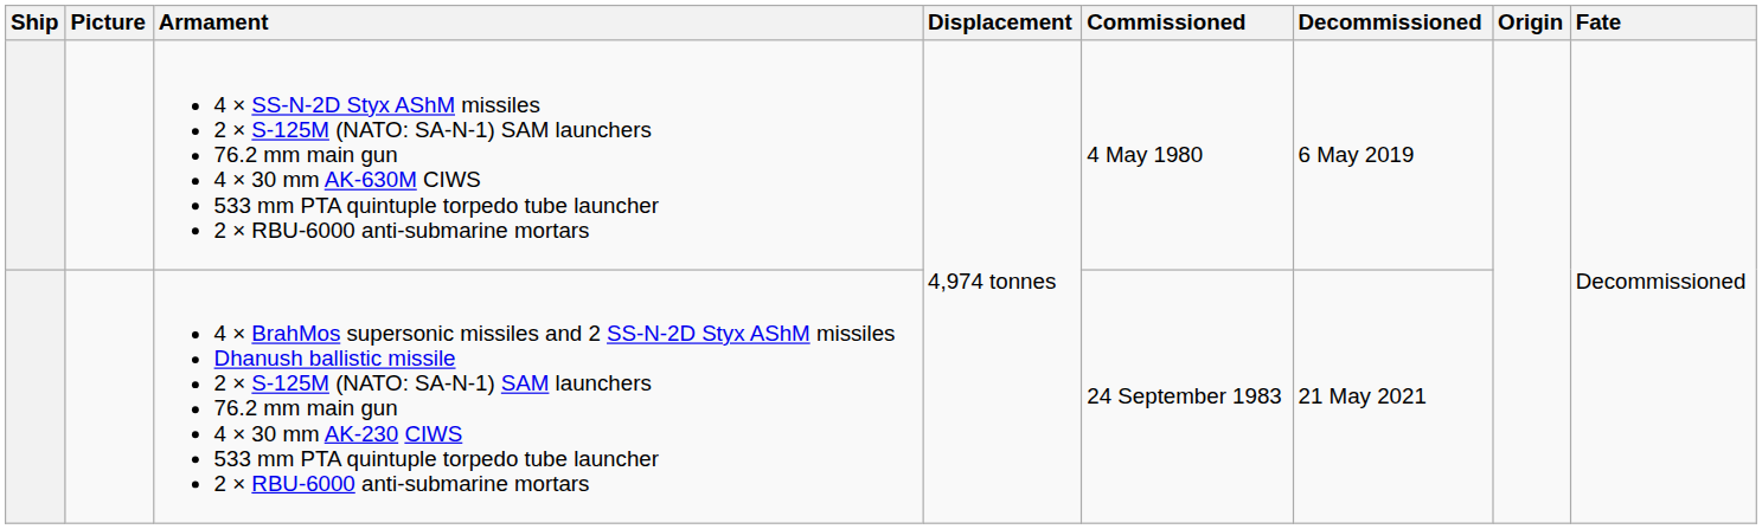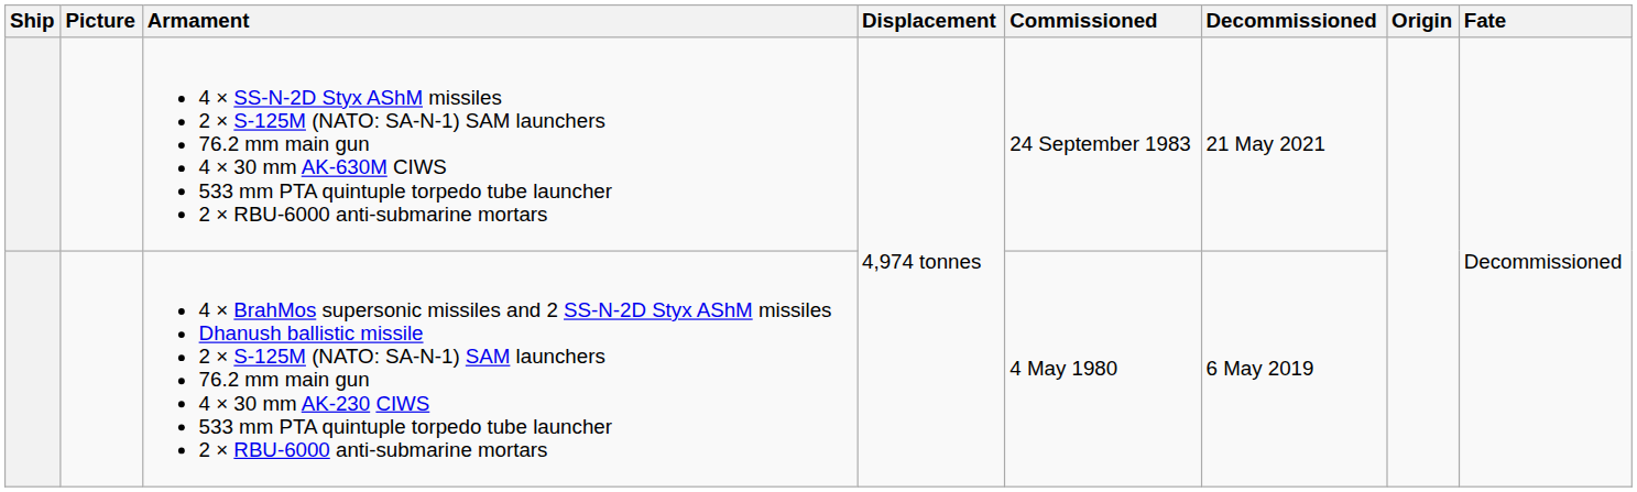 <table class="wikitable" style="width:100%;">
 <tr>
 <th style="text-align:left; ">Ship</th>
 <th style="text-align:left; ">Picture</th>
 <th style="text-align:left; ">Armament</th>
 <th style="text-align:left; ">Displacement</th>
 <th style="text-align:left; ">Commissioned</th>
 <th style="text-align:left; ">Decommissioned</th>
 <th style="text-align:left; ">Origin</th>
 <th style="text-align:left; ">Fate</th>
 </tr>
 <tr>
 <th scope="row"></th>
 <td></td>
 <td><br><ul><li>4 × <a href='#'>SS-N-2D Styx AShM</a> missiles</li><li>2 × <a href='#'>S-125M</a> (NATO: SA-N-1) SAM launchers</li><li>76.2 mm main gun</li><li>4 × 30 mm <a href='#'>AK-630M</a> CIWS</li><li>533 mm PTA quintuple torpedo tube launcher</li><li>2 × RBU-6000 anti-submarine mortars</li></ul></td>
 <td rowspan='2'>4,974 tonnes</td>
-<td>4 May 1980 </td>
-<td>6 May 2019</td>
+<td>24 September 1983</td>
+<td>21 May 2021</td>
 <td rowspan='2'></td>
 <td rowspan='2'>Decommissioned</td>
 </tr>
 <tr>
 <th scope="row"></th>
 <td></td>
 <td><br><ul><li>4 × <a href='#'>BrahMos</a> supersonic missiles and 2 <a href='#'>SS-N-2D Styx AShM</a> missiles</li><li><a href='#'>Dhanush ballistic missile</a></li><li>2 × <a href='#'>S-125M</a> (NATO: SA-N-1) <a href='#'>SAM</a> launchers</li><li>76.2 mm main gun</li><li>4 × 30 mm <a href='#'>AK-230</a> <a href='#'>CIWS</a></li><li>533 mm PTA quintuple torpedo tube launcher</li><li>2 × <a href='#'>RBU-6000</a> anti-submarine mortars</li></ul></td>
-<td>24 September 1983</td>
-<td>21 May 2021</td>
+<td>4 May 1980 </td>
+<td>6 May 2019</td>
 </tr>
 </table>
